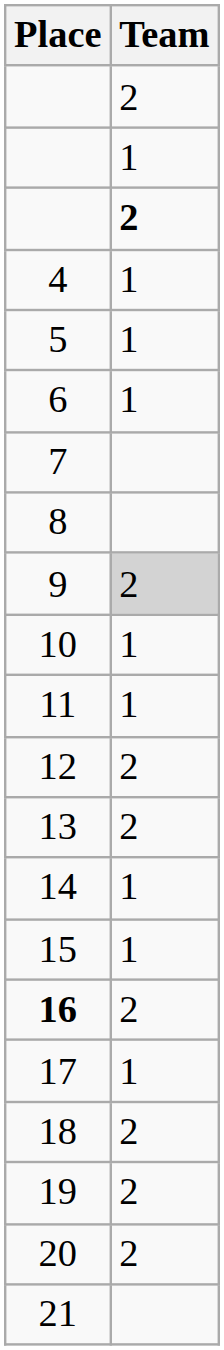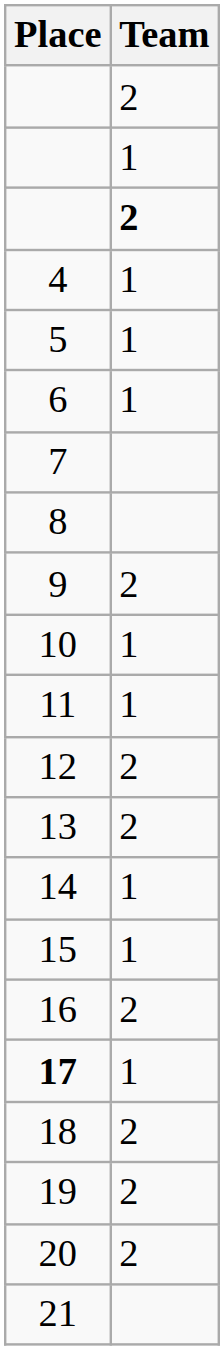 <table class="wikitable">
 <tr>
 <th>Place</th>
 <th>Team</th>
 </tr>
 <tr>
 <td align=center></td>
 <td> 2</td>
 </tr>
 <tr>
 <td align=center></td>
 <td> 1</td>
 </tr>
 <tr>
 <td align=center></td>
 <td><strong> 2</strong></td>
 </tr>
 <tr>
 <td align=center>4</td>
 <td> 1</td>
 </tr>
 <tr>
 <td align=center>5</td>
 <td> 1</td>
 </tr>
 <tr>
 <td align=center>6</td>
 <td> 1</td>
 </tr>
 <tr>
 <td align=center>7</td>
 <td></td>
 </tr>
 <tr>
 <td align=center>8</td>
 <td></td>
 </tr>
 <tr>
 <td align=center>9</td>
-<td style="background: lightgrey;"> 2</td>
+<td> 2</td>
 </tr>
 <tr>
 <td align=center>10</td>
 <td> 1</td>
 </tr>
 <tr>
 <td align=center>11</td>
 <td> 1</td>
 </tr>
 <tr>
 <td align=center>12</td>
 <td> 2</td>
 </tr>
 <tr>
 <td align=center>13</td>
 <td> 2</td>
 </tr>
 <tr>
 <td align=center>14</td>
 <td> 1</td>
 </tr>
 <tr>
 <td align=center>15</td>
 <td> 1</td>
 </tr>
 <tr>
-<td align=center><strong>16</strong></td>
+<td align=center>16</td>
 <td> 2</td>
 </tr>
 <tr>
-<td align=center>17</td>
+<td align=center><strong>17</strong></td>
 <td> 1</td>
 </tr>
 <tr>
 <td align=center>18</td>
 <td> 2</td>
 </tr>
 <tr>
 <td align=center>19</td>
 <td> 2</td>
 </tr>
 <tr>
 <td align=center>20</td>
 <td> 2</td>
 </tr>
 <tr>
 <td align=center>21</td>
 <td></td>
 </tr>
 </table>
